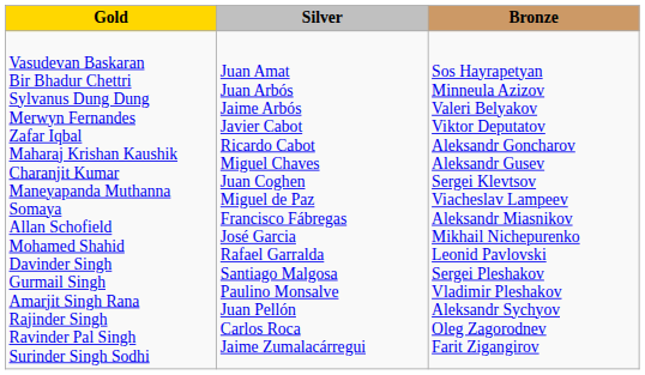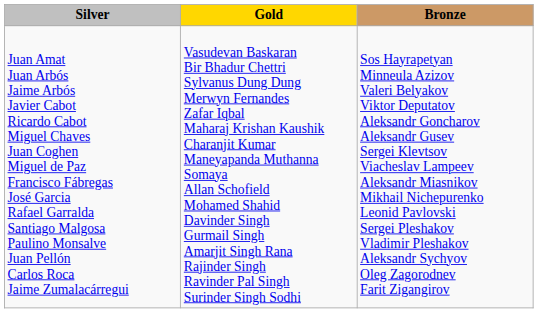 <table class="wikitable">
 <tr>
+<th style="width: 200px; background-color: silver"> <strong>Silver</strong></th>
 <th style="width: 200px; background-color: gold"> <strong>Gold</strong></th>
-<th style="width: 200px; background-color: silver"> <strong>Silver</strong></th>
 <th style="width: 200px; background-color: #cc9966"> <strong>Bronze</strong></th>
 </tr>
 <tr>
+<td><br><a href='#'>Juan Amat</a><br><a href='#'>Juan Arbós</a><br><a href='#'>Jaime Arbós</a><br><a href='#'>Javier Cabot</a><br><a href='#'>Ricardo Cabot</a><br><a href='#'>Miguel Chaves</a><br><a href='#'>Juan Coghen</a><br><a href='#'>Miguel de Paz</a><br><a href='#'>Francisco Fábregas</a><br><a href='#'>José Garcia</a><br><a href='#'>Rafael Garralda</a><br><a href='#'>Santiago Malgosa</a><br><a href='#'>Paulino Monsalve</a><br><a href='#'>Juan Pellón</a><br><a href='#'>Carlos Roca</a><br><a href='#'>Jaime Zumalacárregui</a></td>
 <td><br><a href='#'>Vasudevan Baskaran</a><br><a href='#'>Bir Bhadur Chettri</a><br><a href='#'>Sylvanus Dung Dung</a><br><a href='#'>Merwyn Fernandes</a><br><a href='#'>Zafar Iqbal</a><br><a href='#'>Maharaj Krishan Kaushik</a><br><a href='#'>Charanjit Kumar</a><br><a href='#'>Maneyapanda Muthanna Somaya</a><br><a href='#'>Allan Schofield</a><br><a href='#'>Mohamed Shahid</a><br><a href='#'>Davinder Singh</a><br><a href='#'>Gurmail Singh</a><br><a href='#'>Amarjit Singh Rana</a><br><a href='#'>Rajinder Singh</a><br><a href='#'>Ravinder Pal Singh</a><br><a href='#'>Surinder Singh Sodhi</a></td>
-<td><br><a href='#'>Juan Amat</a><br><a href='#'>Juan Arbós</a><br><a href='#'>Jaime Arbós</a><br><a href='#'>Javier Cabot</a><br><a href='#'>Ricardo Cabot</a><br><a href='#'>Miguel Chaves</a><br><a href='#'>Juan Coghen</a><br><a href='#'>Miguel de Paz</a><br><a href='#'>Francisco Fábregas</a><br><a href='#'>José Garcia</a><br><a href='#'>Rafael Garralda</a><br><a href='#'>Santiago Malgosa</a><br><a href='#'>Paulino Monsalve</a><br><a href='#'>Juan Pellón</a><br><a href='#'>Carlos Roca</a><br><a href='#'>Jaime Zumalacárregui</a></td>
 <td><br><a href='#'>Sos Hayrapetyan</a><br><a href='#'>Minneula Azizov</a><br><a href='#'>Valeri Belyakov</a><br><a href='#'>Viktor Deputatov</a><br><a href='#'>Aleksandr Goncharov</a><br><a href='#'>Aleksandr Gusev</a><br><a href='#'>Sergei Klevtsov</a><br><a href='#'>Viacheslav Lampeev</a><br><a href='#'>Aleksandr Miasnikov</a><br><a href='#'>Mikhail Nichepurenko</a><br><a href='#'>Leonid Pavlovski</a><br><a href='#'>Sergei Pleshakov</a><br><a href='#'>Vladimir Pleshakov</a><br><a href='#'>Aleksandr Sychyov</a><br><a href='#'>Oleg Zagorodnev</a><br><a href='#'>Farit Zigangirov</a></td>
 </tr>
 </table>
